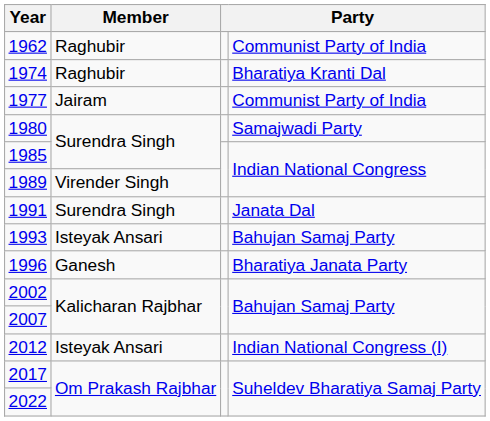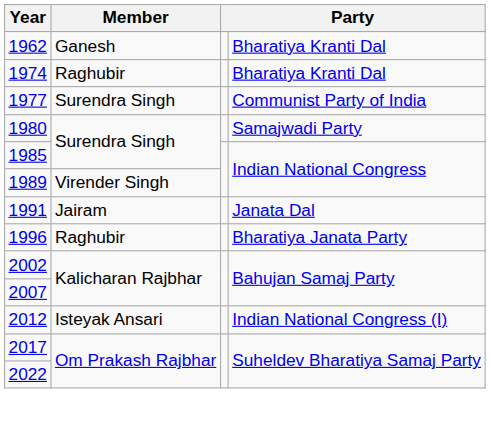 <table class="wikitable">
 <tr>
 <th>Year</th>
 <th>Member</th>
 <th colspan="2">Party</th>
 </tr>
 <tr>
 <td><a href='#'>1962</a></td>
-<td>Raghubir</td>
+<td>Ganesh</td>
 <td style="background-color: "></td>
-<td><a href='#'>Communist Party of India</a></td>
+<td><a href='#'>Bharatiya Kranti Dal</a></td>
 </tr>
 <tr>
 <td><a href='#'>1974</a></td>
 <td>Raghubir</td>
 <td style="background-color: "></td>
 <td><a href='#'>Bharatiya Kranti Dal</a></td>
 </tr>
 <tr>
 <td><a href='#'>1977</a></td>
-<td>Jairam</td>
+<td>Surendra Singh</td>
 <td style="background-color: "></td>
 <td><a href='#'>Communist Party of India</a></td>
 </tr>
 <tr>
 <td><a href='#'>1980</a></td>
 <td rowspan="2">Surendra Singh</td>
 <td style="background-color: "></td>
 <td><a href='#'>Samajwadi Party</a></td>
 </tr>
 <tr>
 <td><a href='#'>1985</a></td>
 <td rowspan="2" style="background-color: "></td>
 <td rowspan="2"><a href='#'>Indian National Congress</a></td>
 </tr>
 <tr>
 <td><a href='#'>1989</a></td>
 <td>Virender Singh</td>
 </tr>
 <tr>
 <td><a href='#'>1991</a></td>
-<td>Surendra Singh</td>
+<td>Jairam</td>
 <td style="background-color: "></td>
 <td><a href='#'>Janata Dal</a></td>
 </tr>
 <tr>
-<td><a href='#'>1993</a></td>
-<td>Isteyak Ansari</td>
-<td style="background-color: "></td>
-<td><a href='#'>Bahujan Samaj Party</a></td>
-</tr>
-<tr>
 <td><a href='#'>1996</a></td>
-<td>Ganesh</td>
+<td>Raghubir</td>
 <td style="background-color: "></td>
 <td><a href='#'>Bharatiya Janata Party</a></td>
 </tr>
 <tr>
 <td><a href='#'>2002</a></td>
 <td rowspan="2">Kalicharan Rajbhar</td>
 <td rowspan="2" style="background-color: "></td>
 <td rowspan="2"><a href='#'>Bahujan Samaj Party</a></td>
 </tr>
 <tr>
 <td><a href='#'>2007</a></td>
 </tr>
 <tr>
 <td><a href='#'>2012</a></td>
 <td>Isteyak Ansari</td>
 <td style="background-color: "></td>
 <td><a href='#'>Indian National Congress (I)</a></td>
 </tr>
 <tr>
 <td><a href='#'>2017</a></td>
 <td rowspan="2"><a href='#'>Om Prakash Rajbhar</a></td>
 <td rowspan="2" style="background-color: "></td>
 <td rowspan="2"><a href='#'>Suheldev Bharatiya Samaj Party</a></td>
 </tr>
 <tr>
 <td><a href='#'>2022</a></td>
 </tr>
 </table>
